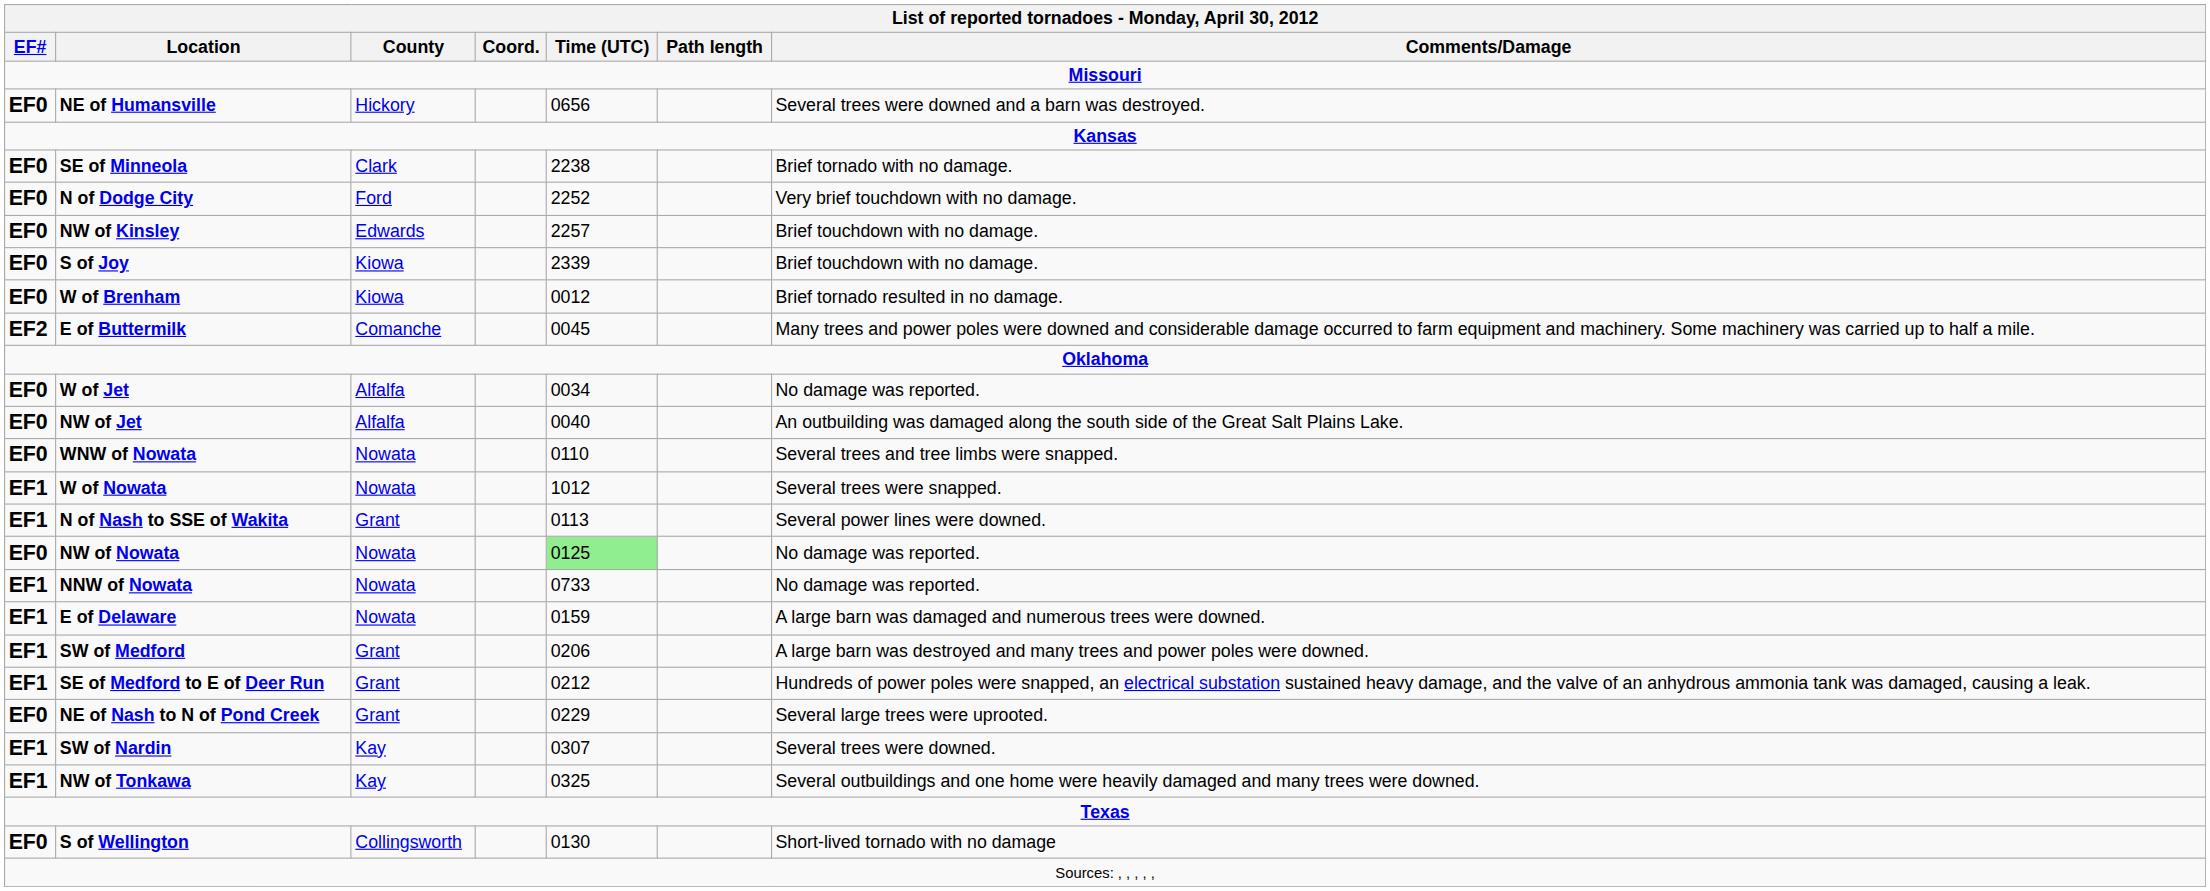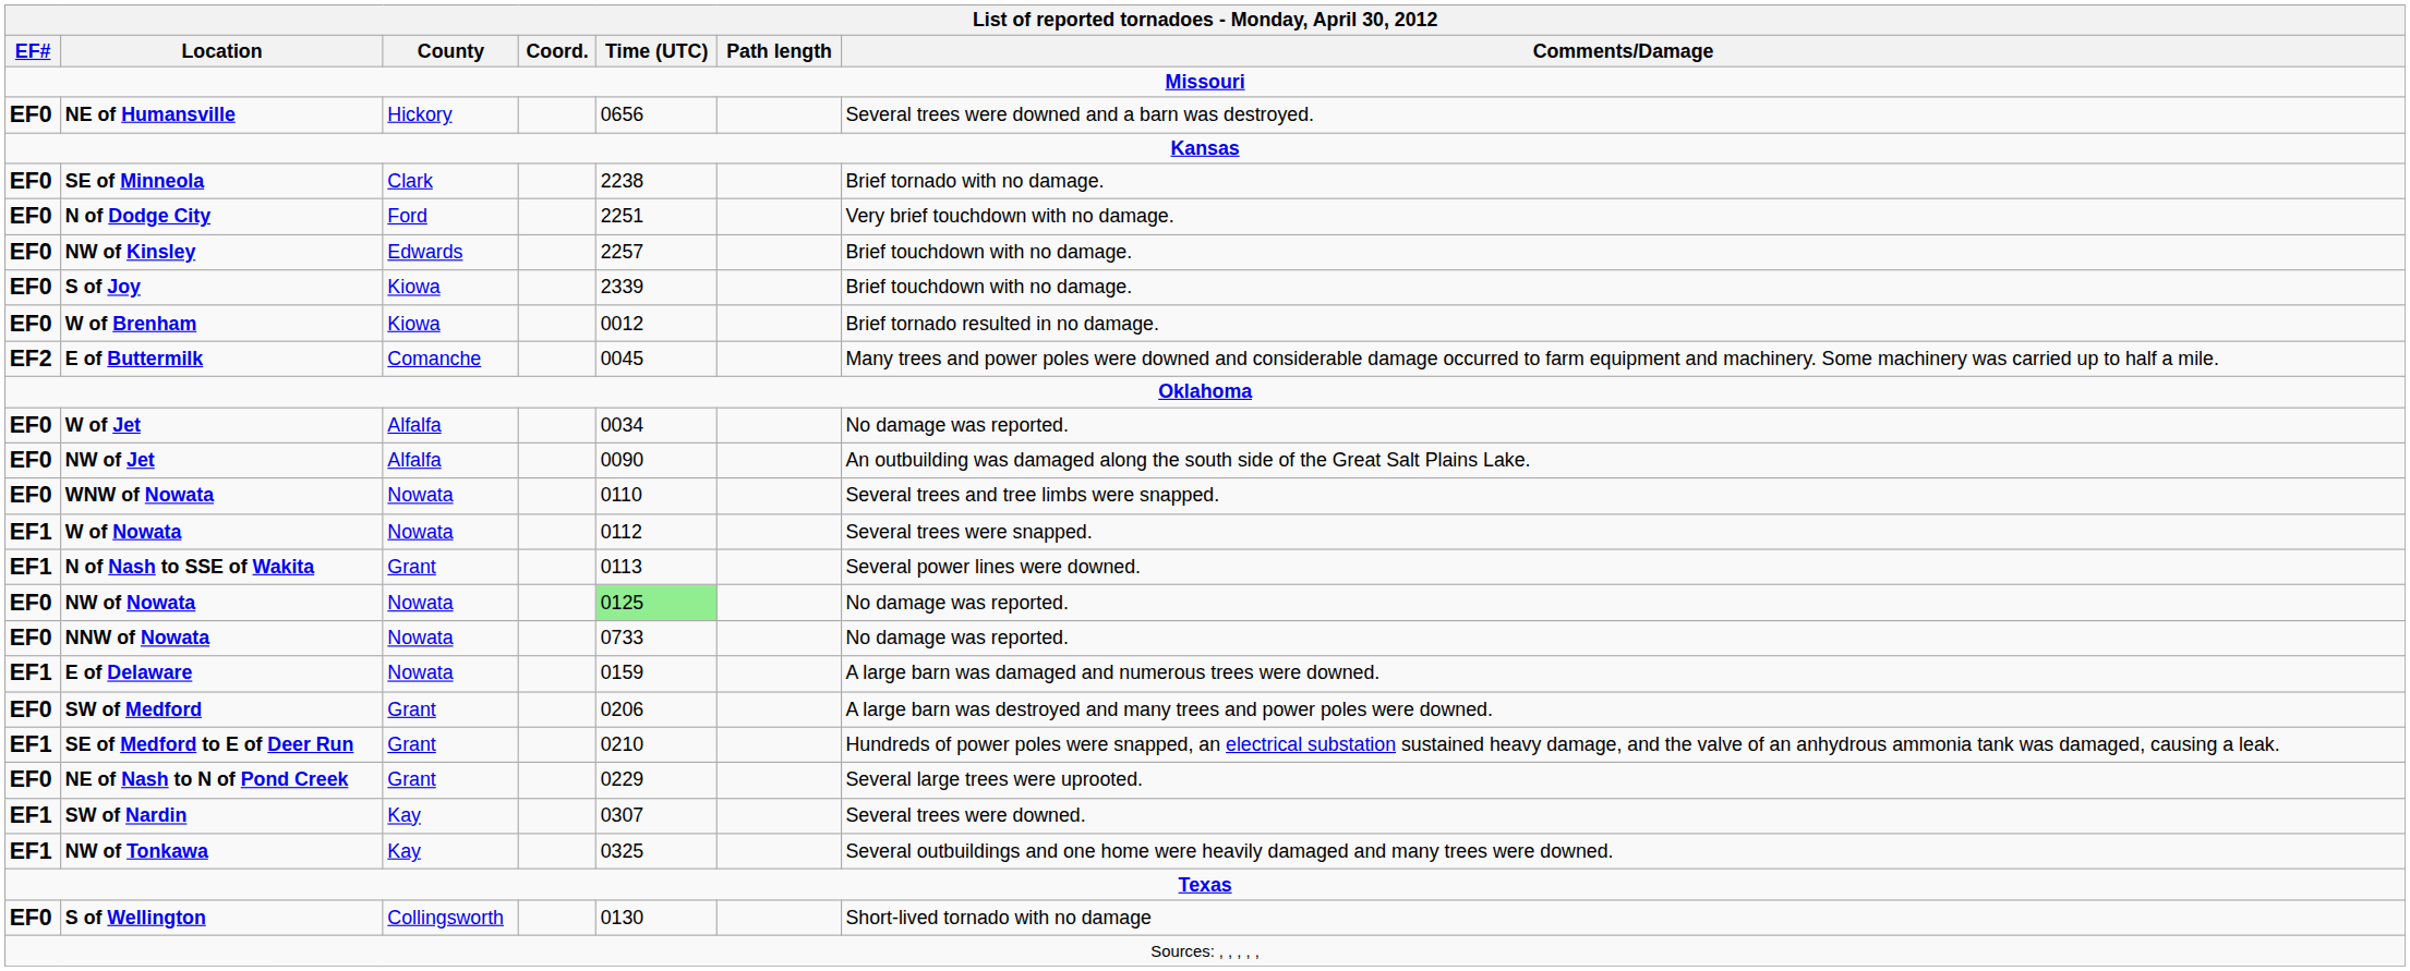 <table class="wikitable collapsible" width="100%">
 <tr>
 <th colspan="7">List of reported tornadoes - Monday, April 30, 2012</th>
 </tr>
 <tr>
 <th><a href='#'>EF#</a></th>
 <th>Location</th>
 <th>County</th>
 <th>Coord.</th>
 <th>Time (UTC)</th>
 <th>Path length</th>
 <th>Comments/Damage</th>
 </tr>
 <tr>
 <td colspan="7" align=center><strong><a href='#'>Missouri</a></strong></td>
 </tr>
 <tr>
 <td><big><strong>EF0</strong></big></td>
 <td><strong>NE of <a href='#'>Humansville</a></strong></td>
 <td><a href='#'>Hickory</a></td>
 <td></td>
 <td>0656</td>
 <td></td>
 <td>Several trees were downed and a barn was destroyed.</td>
 </tr>
 <tr>
 <td colspan="7" align=center><strong><a href='#'>Kansas</a></strong></td>
 </tr>
 <tr>
 <td><big><strong>EF0</strong></big></td>
 <td><strong>SE of <a href='#'>Minneola</a></strong></td>
 <td><a href='#'>Clark</a></td>
 <td></td>
 <td>2238</td>
 <td></td>
 <td>Brief tornado with no damage.</td>
 </tr>
 <tr>
 <td><big><strong>EF0</strong></big></td>
 <td><strong>N of <a href='#'>Dodge City</a></strong></td>
 <td><a href='#'>Ford</a></td>
 <td></td>
-<td>2252</td>
+<td>2251</td>
 <td></td>
 <td>Very brief touchdown with no damage.</td>
 </tr>
 <tr>
 <td><big><strong>EF0</strong></big></td>
 <td><strong>NW of <a href='#'>Kinsley</a></strong></td>
 <td><a href='#'>Edwards</a></td>
 <td></td>
 <td>2257</td>
 <td></td>
 <td>Brief touchdown with no damage.</td>
 </tr>
 <tr>
 <td><big><strong>EF0</strong></big></td>
 <td><strong>S of <a href='#'>Joy</a></strong></td>
 <td><a href='#'>Kiowa</a></td>
 <td></td>
 <td>2339</td>
 <td></td>
 <td>Brief touchdown with no damage.</td>
 </tr>
 <tr>
 <td><big><strong>EF0</strong></big></td>
 <td><strong>W of <a href='#'>Brenham</a></strong></td>
 <td><a href='#'>Kiowa</a></td>
 <td></td>
 <td>0012</td>
 <td></td>
 <td>Brief tornado resulted in no damage.</td>
 </tr>
 <tr>
 <td><big><strong>EF2</strong></big></td>
 <td><strong>E of <a href='#'>Buttermilk</a></strong></td>
 <td><a href='#'>Comanche</a></td>
 <td></td>
 <td>0045</td>
 <td></td>
 <td>Many trees and power poles were downed and considerable damage occurred to farm equipment and machinery. Some machinery was carried up to half a mile.</td>
 </tr>
 <tr>
 <td colspan="7" align=center><strong><a href='#'>Oklahoma</a></strong></td>
 </tr>
 <tr>
 <td><big><strong>EF0</strong></big></td>
 <td><strong>W of <a href='#'>Jet</a></strong></td>
 <td><a href='#'>Alfalfa</a></td>
 <td></td>
 <td>0034</td>
 <td></td>
 <td>No damage was reported.</td>
 </tr>
 <tr>
 <td><big><strong>EF0</strong></big></td>
 <td><strong>NW of <a href='#'>Jet</a></strong></td>
 <td><a href='#'>Alfalfa</a></td>
 <td></td>
-<td>0040</td>
+<td>0090</td>
 <td></td>
 <td>An outbuilding was damaged along the south side of the Great Salt Plains Lake.</td>
 </tr>
 <tr>
 <td><big><strong>EF0</strong></big></td>
 <td><strong>WNW of <a href='#'>Nowata</a></strong></td>
 <td><a href='#'>Nowata</a></td>
 <td></td>
 <td>0110</td>
 <td></td>
 <td>Several trees and tree limbs were snapped.</td>
 </tr>
 <tr>
 <td><big><strong>EF1</strong></big></td>
 <td><strong>W of <a href='#'>Nowata</a></strong></td>
 <td><a href='#'>Nowata</a></td>
 <td></td>
-<td>1012</td>
+<td>0112</td>
 <td></td>
 <td>Several trees were snapped.</td>
 </tr>
 <tr>
 <td><big><strong>EF1</strong></big></td>
 <td><strong>N of <a href='#'>Nash</a> to SSE of <a href='#'>Wakita</a></strong></td>
 <td><a href='#'>Grant</a></td>
 <td></td>
 <td>0113</td>
 <td></td>
 <td>Several power lines were downed.</td>
 </tr>
 <tr>
 <td><big><strong>EF0</strong></big></td>
 <td><strong>NW of <a href='#'>Nowata</a></strong></td>
 <td><a href='#'>Nowata</a></td>
 <td></td>
 <td style="background: lightgreen;">0125</td>
 <td></td>
 <td>No damage was reported.</td>
 </tr>
 <tr>
-<td><big><strong>EF1</strong></big></td>
+<td><big><strong>EF0</strong></big></td>
 <td><strong>NNW of <a href='#'>Nowata</a></strong></td>
 <td><a href='#'>Nowata</a></td>
 <td></td>
 <td>0733</td>
 <td></td>
 <td>No damage was reported.</td>
 </tr>
 <tr>
 <td><big><strong>EF1</strong></big></td>
 <td><strong>E of <a href='#'>Delaware</a></strong></td>
 <td><a href='#'>Nowata</a></td>
 <td></td>
 <td>0159</td>
 <td></td>
 <td>A large barn was damaged and numerous trees were downed.</td>
 </tr>
 <tr>
-<td><big><strong>EF1</strong></big></td>
+<td><big><strong>EF0</strong></big></td>
 <td><strong>SW of <a href='#'>Medford</a></strong></td>
 <td><a href='#'>Grant</a></td>
 <td></td>
 <td>0206</td>
 <td></td>
 <td>A large barn was destroyed and many trees and power poles were downed.</td>
 </tr>
 <tr>
 <td><big><strong>EF1</strong></big></td>
 <td><strong>SE of <a href='#'>Medford</a> to E of <a href='#'>Deer Run</a></strong></td>
 <td><a href='#'>Grant</a></td>
 <td></td>
-<td>0212</td>
+<td>0210</td>
 <td></td>
 <td>Hundreds of power poles were snapped, an <a href='#'>electrical substation</a> sustained heavy damage, and the valve of an anhydrous ammonia tank was damaged, causing a leak.</td>
 </tr>
 <tr>
 <td><big><strong>EF0</strong></big></td>
 <td><strong>NE of <a href='#'>Nash</a> to N of <a href='#'>Pond Creek</a></strong></td>
 <td><a href='#'>Grant</a></td>
 <td></td>
 <td>0229</td>
 <td></td>
 <td>Several large trees were uprooted.</td>
 </tr>
 <tr>
 <td><big><strong>EF1</strong></big></td>
 <td><strong>SW of <a href='#'>Nardin</a></strong></td>
 <td><a href='#'>Kay</a></td>
 <td></td>
 <td>0307</td>
 <td></td>
 <td>Several trees were downed.</td>
 </tr>
 <tr>
 <td><big><strong>EF1</strong></big></td>
 <td><strong>NW of <a href='#'>Tonkawa</a></strong></td>
 <td><a href='#'>Kay</a></td>
 <td></td>
 <td>0325</td>
 <td></td>
 <td>Several outbuildings and one home were heavily damaged and many trees were downed.</td>
 </tr>
 <tr>
 <td colspan="7" align=center><strong><a href='#'>Texas</a></strong></td>
 </tr>
 <tr>
 <td><big><strong>EF0</strong></big></td>
 <td><strong>S of <a href='#'>Wellington</a></strong></td>
 <td><a href='#'>Collingsworth</a></td>
 <td></td>
 <td>0130</td>
 <td></td>
 <td>Short-lived tornado with no damage</td>
 </tr>
 <tr>
 <td colspan="7" align=center><small>Sources: , , , , , </small></td>
 </tr>
 <tr>
 </tr>
 </table>
